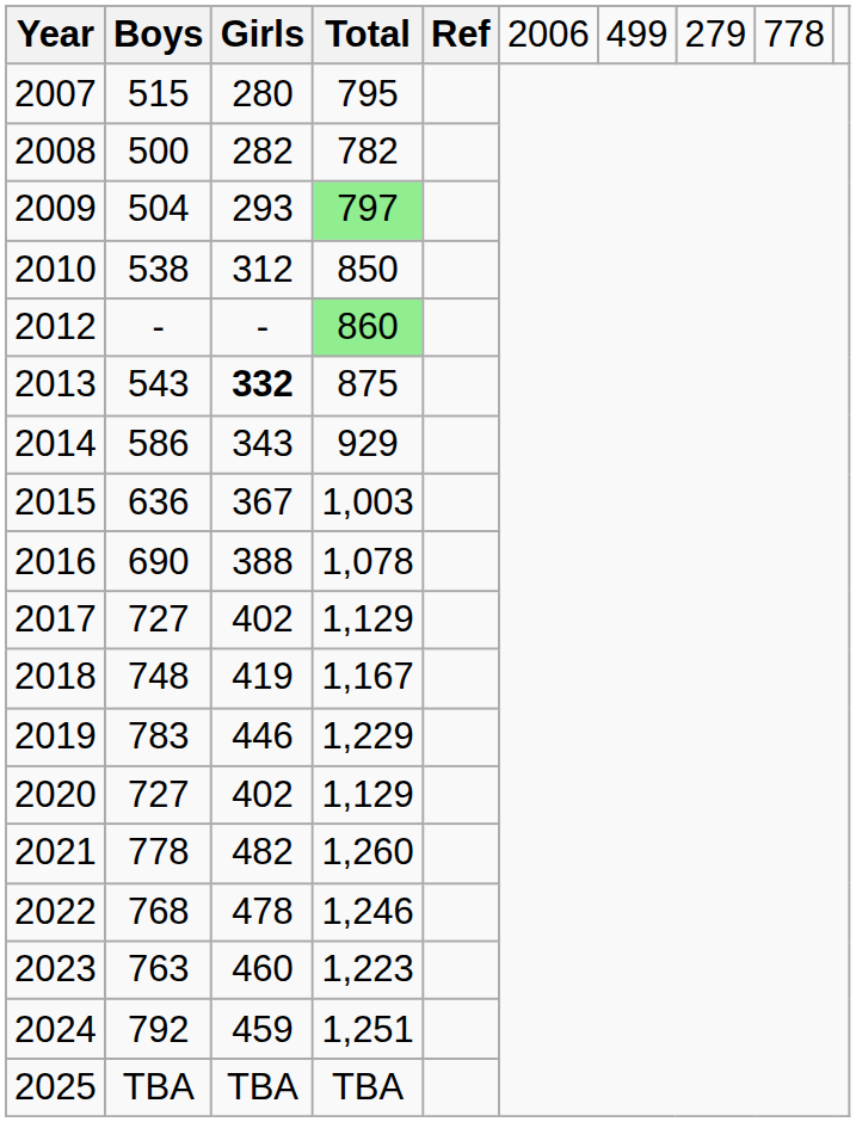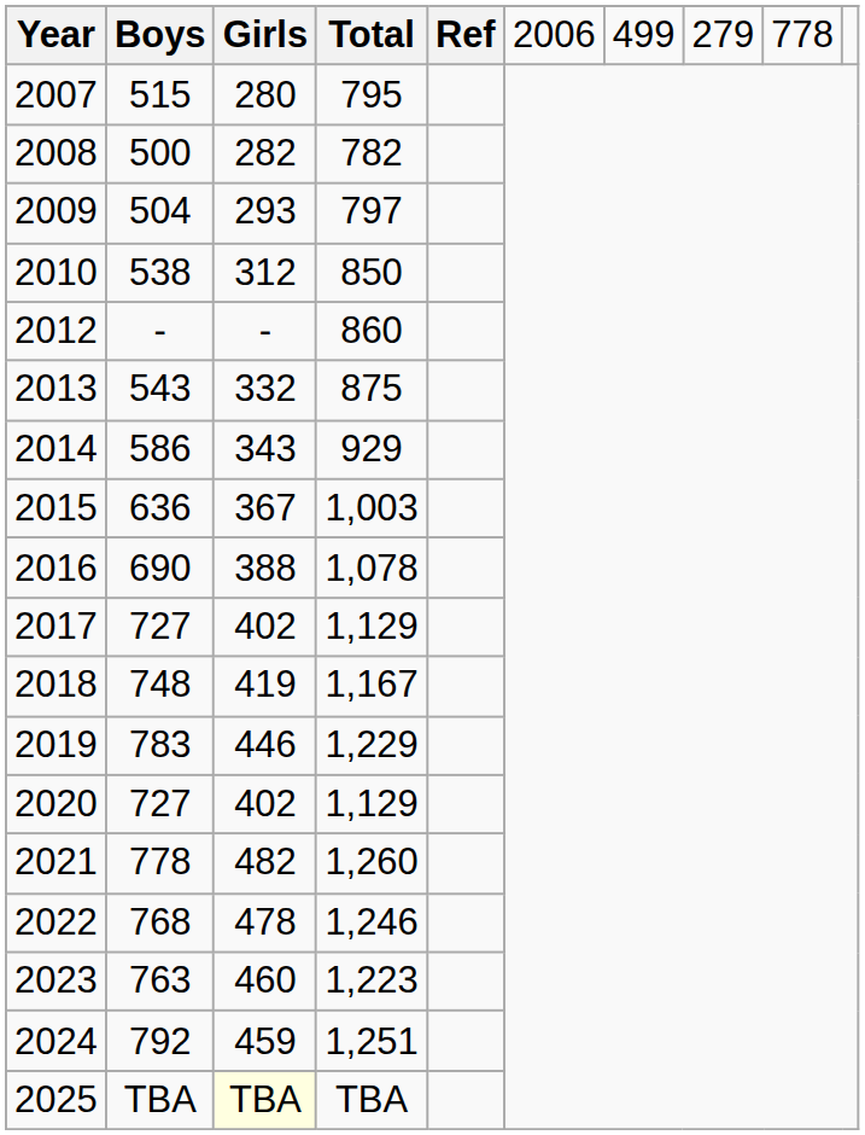 <table class="wikitable sortable">
 <tr>
 <th rowspan=2>Year</th>
 <th rowspan=2>Boys</th>
 <th rowspan=2>Girls</th>
 <th rowspan=2>Total</th>
 <th rowspan=2>Ref</th>
 </tr>
 <tr>
 <td>2006</td>
 <td style="text-align:center">499</td>
 <td style="text-align:center">279</td>
 <td style="text-align:center">778</td>
 <td></td>
 </tr>
 <tr>
 <td>2007</td>
 <td style="text-align:center">515</td>
 <td style="text-align:center">280</td>
 <td style="text-align:center">795</td>
 <td></td>
 </tr>
 <tr>
 <td>2008</td>
 <td style="text-align:center">500</td>
 <td style="text-align:center">282</td>
 <td style="text-align:center">782</td>
 <td></td>
 </tr>
 <tr>
 <td>2009</td>
 <td style="text-align:center">504</td>
 <td style="text-align:center">293</td>
-<td style="background: lightgreen; text-align:center">797</td>
+<td style="text-align:center">797</td>
 <td></td>
 </tr>
 <tr>
 <td>2010</td>
 <td style="text-align:center">538</td>
 <td style="text-align:center">312</td>
 <td style="text-align:center">850</td>
 <td></td>
 </tr>
 <tr>
 <td>2012</td>
 <td style="text-align:center">-</td>
 <td style="text-align:center">-</td>
-<td style="background: lightgreen; text-align:center">860</td>
+<td style="text-align:center">860</td>
 <td></td>
 </tr>
 <tr>
 <td>2013</td>
 <td style="text-align:center">543</td>
-<td style="text-align:center"><strong>332</strong></td>
+<td style="text-align:center">332</td>
 <td style="text-align:center">875</td>
 <td></td>
 </tr>
 <tr>
 <td>2014</td>
 <td style="text-align:center">586</td>
 <td style="text-align:center">343</td>
 <td style="text-align:center">929</td>
 <td></td>
 </tr>
 <tr>
 <td>2015</td>
 <td style="text-align:center">636</td>
 <td style="text-align:center">367</td>
 <td style="text-align:center">1,003</td>
 <td></td>
 </tr>
 <tr>
 <td>2016</td>
 <td style="text-align:center">690</td>
 <td style="text-align:center">388</td>
 <td style="text-align:center">1,078</td>
 <td></td>
 </tr>
 <tr>
 <td>2017</td>
 <td style="text-align:center">727</td>
 <td style="text-align:center">402</td>
 <td style="text-align:center">1,129</td>
 <td></td>
 </tr>
 <tr>
 <td>2018</td>
 <td style="text-align:center">748</td>
 <td style="text-align:center">419</td>
 <td style="text-align:center">1,167</td>
 <td></td>
 </tr>
 <tr>
 <td>2019</td>
 <td style="text-align:center">783</td>
 <td style="text-align:center">446</td>
 <td style="text-align:center">1,229</td>
 <td></td>
 </tr>
 <tr>
 <td>2020</td>
 <td style="text-align:center">727</td>
 <td style="text-align:center">402</td>
 <td style="text-align:center">1,129</td>
 <td></td>
 </tr>
 <tr>
 <td>2021</td>
 <td style="text-align:center">778</td>
 <td style="text-align:center">482</td>
 <td style="text-align:center">1,260</td>
 <td></td>
 </tr>
 <tr>
 <td>2022</td>
 <td style="text-align:center">768</td>
 <td style="text-align:center">478</td>
 <td style="text-align:center">1,246</td>
 <td></td>
 </tr>
 <tr>
 <td>2023</td>
 <td style="text-align:center">763</td>
 <td style="text-align:center">460</td>
 <td style="text-align:center">1,223</td>
 <td></td>
 </tr>
 <tr>
 <td>2024</td>
 <td style="text-align:center">792</td>
 <td style="text-align:center">459</td>
 <td style="text-align:center">1,251</td>
 <td></td>
 </tr>
 <tr>
 <td>2025</td>
 <td style="text-align:center">TBA</td>
-<td style="text-align:center">TBA</td>
+<td style="background: lightyellow; text-align:center">TBA</td>
 <td style="text-align:center">TBA</td>
 <td></td>
 </tr>
 </table>
